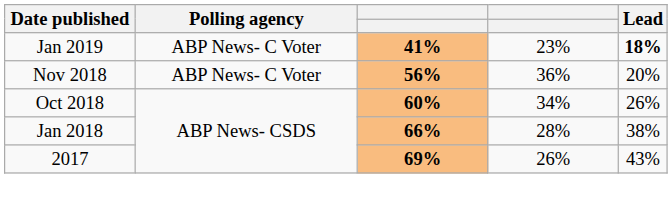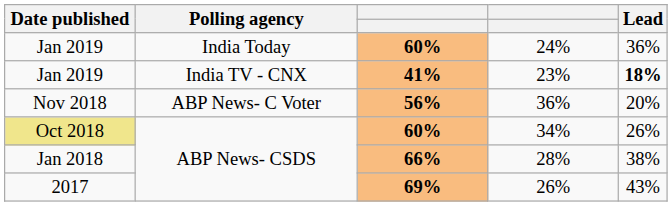 <table class="wikitable sortable" style="text-align:center;font-size:95%;line-height:16px">
 <tr>
 <th rowspan="2" width="100px">Date published</th>
 <th rowspan="2" width="175px">Polling agency</th>
 <th style="background:"></th>
 <th style="background:"></th>
 <th rowspan="2">Lead</th>
 </tr>
 <tr>
 <th width="100px" class="unsortable"></th>
 <th width="100px" class="unsortable"></th>
 </tr>
 <tr>
 <td>Jan 2019</td>
-<td>ABP News- C Voter</td>
+<td>India Today</td>
+<td style="background:#F9BC7F"><strong>60%</strong></td>
+<td>24%</td>
+<td style="background:">36%</td>
+</tr>
+<tr>
+<td>Jan 2019</td>
+<td>India TV - CNX</td>
 <td style="background:#F9BC7F"><strong>41%</strong></td>
 <td>23%</td>
 <td style="background:"><strong>18%</strong></td>
 </tr>
 <tr>
 <td>Nov 2018</td>
 <td>ABP News- C Voter</td>
 <td style="background:#F9BC7F"><strong>56%</strong></td>
 <td>36%</td>
 <td style="background:">20%</td>
 </tr>
 <tr>
-<td>Oct 2018</td>
+<td style="background: khaki;">Oct 2018</td>
 <td rowspan="3">ABP News- CSDS</td>
 <td style="background:#F9BC7F"><strong>60%</strong></td>
 <td>34%</td>
 <td style="background:">26%</td>
 </tr>
 <tr>
 <td>Jan 2018</td>
 <td style="background:#F9BC7F"><strong>66%</strong></td>
 <td>28%</td>
 <td style="background:">38%</td>
 </tr>
 <tr>
 <td>2017</td>
 <td style="background:#F9BC7F"><strong>69%</strong></td>
 <td>26%</td>
 <td style="background:">43%</td>
 </tr>
 </table>
